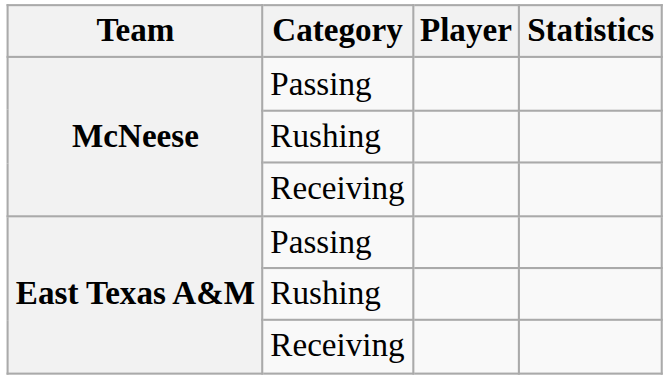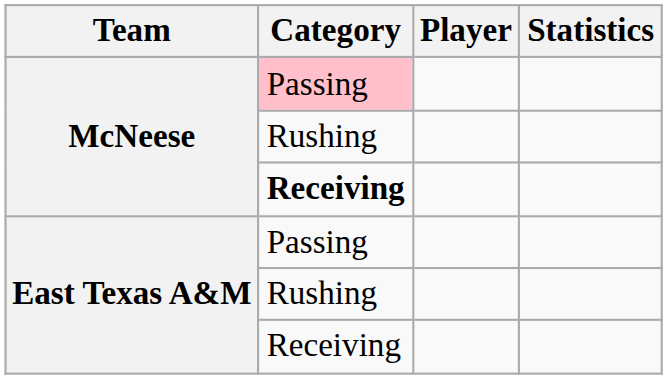 <table class="wikitable" style="float:right">
 <tr>
 <th>Team</th>
 <th>Category</th>
 <th>Player</th>
 <th>Statistics</th>
 </tr>
 <tr>
 <th rowspan=3>McNeese</th>
-<td>Passing</td>
+<td style="background: pink;">Passing</td>
 <td></td>
 <td></td>
 </tr>
 <tr>
 <td>Rushing</td>
 <td></td>
 <td></td>
 </tr>
 <tr>
-<td>Receiving</td>
+<td><strong>Receiving</strong></td>
 <td></td>
 <td></td>
 </tr>
 <tr>
 <th rowspan=3>East Texas A&M</th>
 <td>Passing</td>
 <td></td>
 <td></td>
 </tr>
 <tr>
 <td>Rushing</td>
 <td></td>
 <td></td>
 </tr>
 <tr>
 <td>Receiving</td>
 <td></td>
 <td></td>
 </tr>
 </table>
